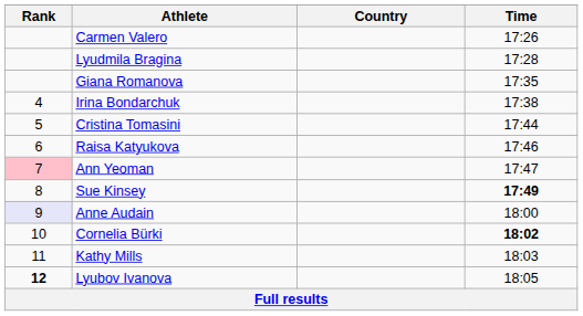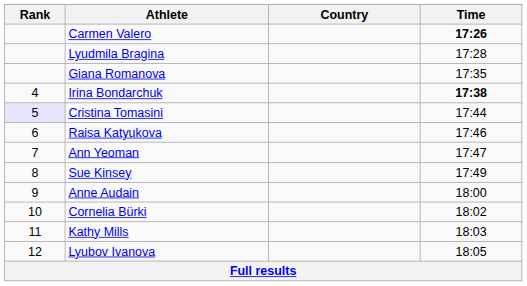 <table class="wikitable sortable" style=" text-align:center; font-size:95%;" width="50%">
 <tr>
 </tr>
 <tr>
 <th width=5%>Rank</th>
 <th width=20%>Athlete</th>
 <th width=15%>Country</th>
 <th width=10%>Time</th>
 </tr>
 <tr>
 <td align=center></td>
 <td align=left><a href='#'>Carmen Valero</a></td>
 <td align=left></td>
-<td>17:26</td>
+<td><strong>17:26</strong></td>
 </tr>
 <tr>
 <td align=center></td>
 <td align=left><a href='#'>Lyudmila Bragina</a></td>
 <td align=left></td>
 <td>17:28</td>
 </tr>
 <tr>
 <td align=center></td>
 <td align=left><a href='#'>Giana Romanova</a></td>
 <td align=left></td>
 <td>17:35</td>
 </tr>
 <tr>
 <td align=center>4</td>
 <td align=left><a href='#'>Irina Bondarchuk</a></td>
 <td align=left></td>
-<td>17:38</td>
+<td><strong>17:38</strong></td>
 </tr>
 <tr>
-<td align=center>5</td>
+<td align=center style="background: lavender;">5</td>
 <td align=left><a href='#'>Cristina Tomasini</a></td>
 <td align=left></td>
 <td>17:44</td>
 </tr>
 <tr>
 <td align=center>6</td>
 <td align=left><a href='#'>Raisa Katyukova</a></td>
 <td align=left></td>
 <td>17:46</td>
 </tr>
 <tr>
-<td align=center style="background: pink;">7</td>
+<td align=center>7</td>
 <td align=left><a href='#'>Ann Yeoman</a></td>
 <td align=left></td>
 <td>17:47</td>
 </tr>
 <tr>
 <td align=center>8</td>
 <td align=left><a href='#'>Sue Kinsey</a></td>
 <td align=left></td>
-<td><strong>17:49</strong></td>
+<td>17:49</td>
 </tr>
 <tr>
-<td align=center style="background: lavender;">9</td>
+<td align=center>9</td>
 <td align=left><a href='#'>Anne Audain</a></td>
 <td align=left></td>
 <td>18:00</td>
 </tr>
 <tr>
 <td align=center>10</td>
 <td align=left><a href='#'>Cornelia Bürki</a></td>
 <td align=left></td>
-<td><strong>18:02</strong></td>
+<td>18:02</td>
 </tr>
 <tr>
 <td align=center>11</td>
 <td align=left><a href='#'>Kathy Mills</a></td>
 <td align=left></td>
 <td>18:03</td>
 </tr>
 <tr>
-<td align=center><strong>12</strong></td>
+<td align=center>12</td>
 <td align=left><a href='#'>Lyubov Ivanova</a></td>
 <td align=left></td>
 <td>18:05</td>
 </tr>
 <tr class="sortbottom">
 <th colspan=4 align=center><a href='#'>Full results</a></th>
 </tr>
 </table>
